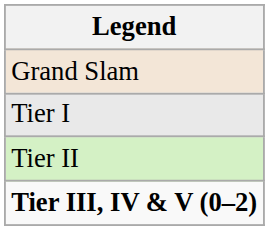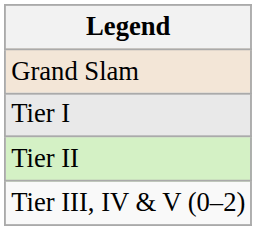 <table class="wikitable" style="font-size:90%;">
 <tr>
 <th>Legend</th>
 </tr>
 <tr>
 <td bgcolor=#f3e6d7>Grand Slam</td>
 </tr>
 <tr>
 <td bgcolor=#e9e9e9>Tier I</td>
 </tr>
 <tr>
 <td bgcolor=#d4f1c5>Tier II</td>
 </tr>
 <tr>
-<td><strong>Tier III, IV & V (0–2)</strong></td>
+<td>Tier III, IV & V (0–2)</td>
 </tr>
 </table>
